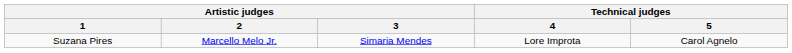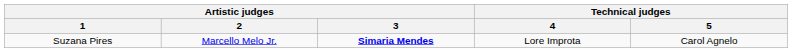 <table class="wikitable" style="font-size:100%; line-height:16px; text-align:center" width="100%">
 <tr>
 <th colspan=3>Artistic judges</th>
 <th colspan=2>Technical judges</th>
 </tr>
 <tr>
 <th width="20.0%">1</th>
 <th width="20.0%">2</th>
 <th width="20.0%">3</th>
 <th width="20.0%">4</th>
 <th width="20.0%">5</th>
 </tr>
 <tr>
 <td>Suzana Pires</td>
 <td><a href='#'>Marcello Melo Jr.</a></td>
-<td><a href='#'>Simaria Mendes</a></td>
+<td><strong><a href='#'>Simaria Mendes</a></strong></td>
 <td>Lore Improta</td>
 <td>Carol Agnelo</td>
 </tr>
 </table>
